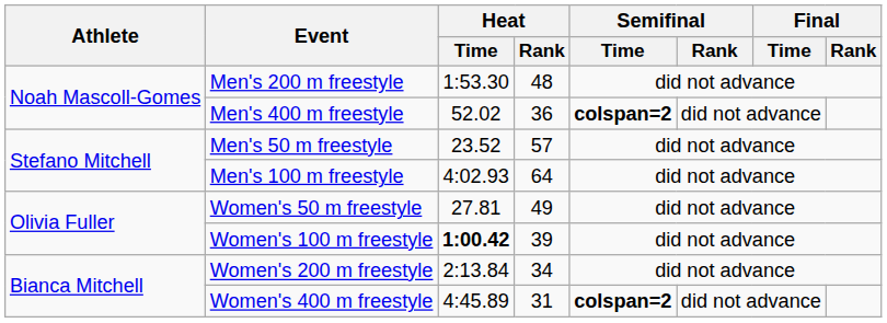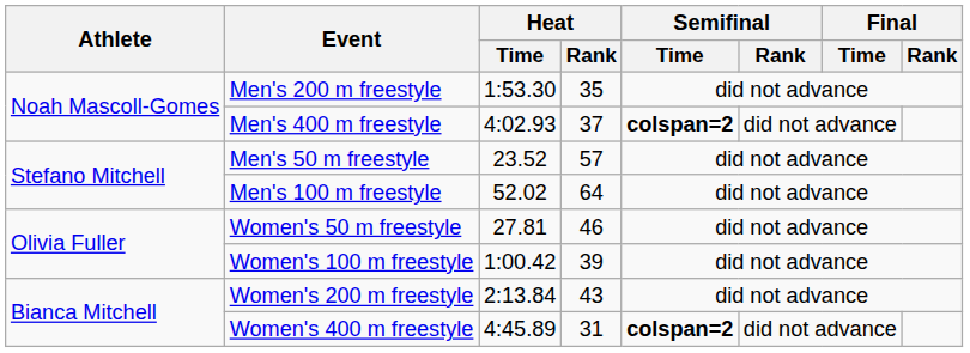 <table class=wikitable style="font-size:90%">
 <tr>
 <th rowspan="2">Athlete</th>
 <th rowspan="2">Event</th>
 <th colspan="2">Heat</th>
 <th colspan="2">Semifinal</th>
 <th colspan="2">Final</th>
 </tr>
 <tr style="font-size:95%">
 <th>Time</th>
 <th>Rank</th>
 <th>Time</th>
 <th>Rank</th>
 <th>Time</th>
 <th>Rank</th>
 </tr>
 <tr align=center>
 <td align=left rowspan=2><a href='#'>Noah Mascoll-Gomes</a></td>
 <td align=left><a href='#'>Men's 200 m freestyle</a></td>
 <td>1:53.30</td>
-<td>48</td>
+<td>35</td>
 <td colspan=4>did not advance</td>
 </tr>
 <tr align=center>
 <td align=left><a href='#'>Men's 400 m freestyle</a></td>
-<td>52.02</td>
-<td>36</td>
+<td>4:02.93</td>
+<td>37</td>
 <td><strong>colspan=2</strong></td>
 <td colspan=2>did not advance</td>
 </tr>
 <tr align=center>
 <td align=left rowspan=2><a href='#'>Stefano Mitchell</a></td>
 <td align=left><a href='#'>Men's 50 m freestyle</a></td>
 <td>23.52</td>
 <td>57</td>
 <td colspan=4>did not advance</td>
 </tr>
 <tr align=center>
 <td align=left><a href='#'>Men's 100 m freestyle</a></td>
-<td>4:02.93</td>
+<td>52.02</td>
 <td>64</td>
 <td colspan=4>did not advance</td>
 </tr>
 <tr align=center>
 <td align=left rowspan=2><a href='#'>Olivia Fuller</a></td>
 <td align=left><a href='#'>Women's 50 m freestyle</a></td>
 <td>27.81</td>
-<td>49</td>
+<td>46</td>
 <td colspan=4>did not advance</td>
 </tr>
 <tr align=center>
 <td align=left><a href='#'>Women's 100 m freestyle</a></td>
-<td><strong>1:00.42</strong></td>
+<td>1:00.42</td>
 <td>39</td>
 <td colspan=4>did not advance</td>
 </tr>
 <tr align=center>
 <td align=left rowspan=2><a href='#'>Bianca Mitchell</a></td>
 <td align=left><a href='#'>Women's 200 m freestyle</a></td>
 <td>2:13.84</td>
-<td>34</td>
+<td>43</td>
 <td colspan=4>did not advance</td>
 </tr>
 <tr align=center>
 <td align=left><a href='#'>Women's 400 m freestyle</a></td>
 <td>4:45.89</td>
 <td>31</td>
 <td><strong>colspan=2</strong></td>
 <td colspan=2>did not advance</td>
 </tr>
 </table>
